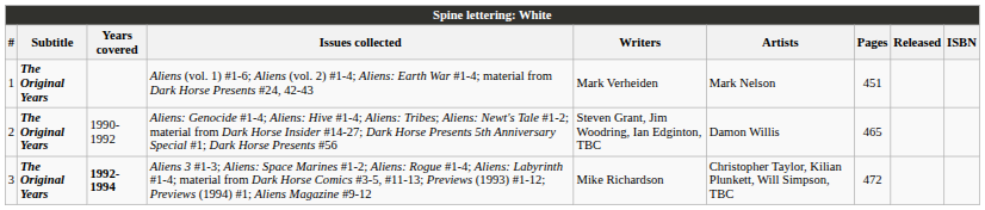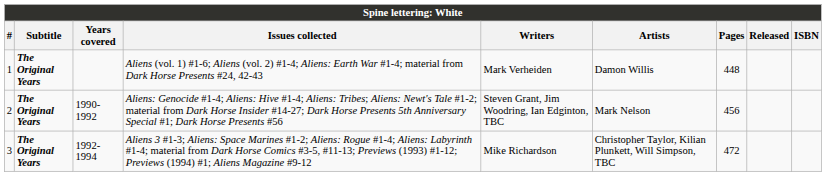 <table class="wikitable sortable" width=98%>
 <tr>
 <th colspan=9 style="background-color: #31312D; color: white;">Spine lettering: White</th>
 </tr>
 <tr>
 <th class="unsortable">#</th>
 <th class="unsortable">Subtitle</th>
 <th>Years covered</th>
 <th class="unsortable">Issues collected</th>
 <th class="unsortable">Writers</th>
 <th class="unsortable">Artists</th>
 <th class="unsortable">Pages</th>
 <th>Released</th>
 <th class="unsortable">ISBN</th>
 </tr>
 <tr>
 <td>1</td>
 <td><strong><em>The Original Years</em></strong></td>
 <td></td>
 <td><em>Aliens</em> (vol. 1) #1-6; <em>Aliens</em> (vol. 2) #1-4; <em>Aliens: Earth War</em> #1-4; material from <em>Dark Horse Presents</em> #24, 42-43</td>
 <td>Mark Verheiden</td>
-<td>Mark Nelson</td>
-<td style="text-align: center;">451</td>
+<td>Damon Willis</td>
+<td style="text-align: center;">448</td>
 <td></td>
 <td></td>
 </tr>
 <tr>
 <td>2</td>
 <td><strong><em>The Original Years</em></strong></td>
 <td>1990-1992</td>
 <td><em>Aliens: Genocide</em> #1-4; <em>Aliens: Hive</em> #1-4; <em>Aliens: Tribes</em>; <em>Aliens: Newt's Tale</em> #1-2; material from <em>Dark Horse Insider</em> #14-27; <em>Dark Horse Presents 5th Anniversary Special</em> #1; <em>Dark Horse Presents</em> #56</td>
 <td>Steven Grant, Jim Woodring, Ian Edginton, TBC</td>
-<td>Damon Willis</td>
-<td style="text-align: center;">465</td>
+<td>Mark Nelson</td>
+<td style="text-align: center;">456</td>
 <td></td>
 <td></td>
 </tr>
 <tr>
 <td>3</td>
 <td><strong><em>The Original Years</em></strong></td>
-<td><strong>1992-1994</strong></td>
+<td>1992-1994</td>
 <td><em>Aliens 3</em> #1-3; <em>Aliens: Space Marines</em> #1-2; <em>Aliens: Rogue</em> #1-4; <em>Aliens: Labyrinth</em> #1-4; material from <em>Dark Horse Comics</em> #3-5, #11-13; <em>Previews</em> (1993) #1-12; <em>Previews</em> (1994) #1; <em>Aliens Magazine</em> #9-12</td>
 <td>Mike Richardson</td>
 <td>Christopher Taylor, Kilian Plunkett, Will Simpson, TBC</td>
 <td style="text-align: center;">472</td>
 <td></td>
 <td></td>
 </tr>
 </table>
